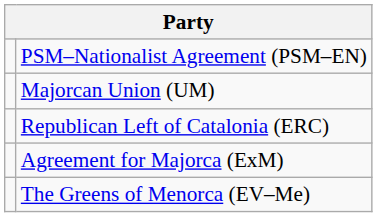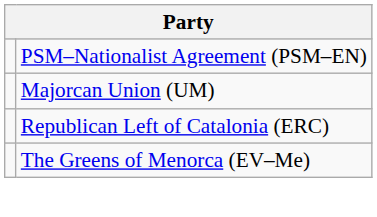 <table class="wikitable" style="text-align:left; font-size:97%;">
 <tr>
 <th colspan="2">Party</th>
 </tr>
 <tr>
 <td width="1"></td>
 <td><a href='#'>PSM–Nationalist Agreement</a> (PSM–EN)</td>
 </tr>
 <tr>
 <td></td>
 <td><a href='#'>Majorcan Union</a> (UM)</td>
 </tr>
 <tr>
 <td></td>
 <td><a href='#'>Republican Left of Catalonia</a> (ERC)</td>
 </tr>
 <tr>
 <td></td>
-<td><a href='#'>Agreement for Majorca</a> (ExM)</td>
-</tr>
-<tr>
-<td></td>
 <td><a href='#'>The Greens of Menorca</a> (EV–Me)</td>
 </tr>
 </table>
